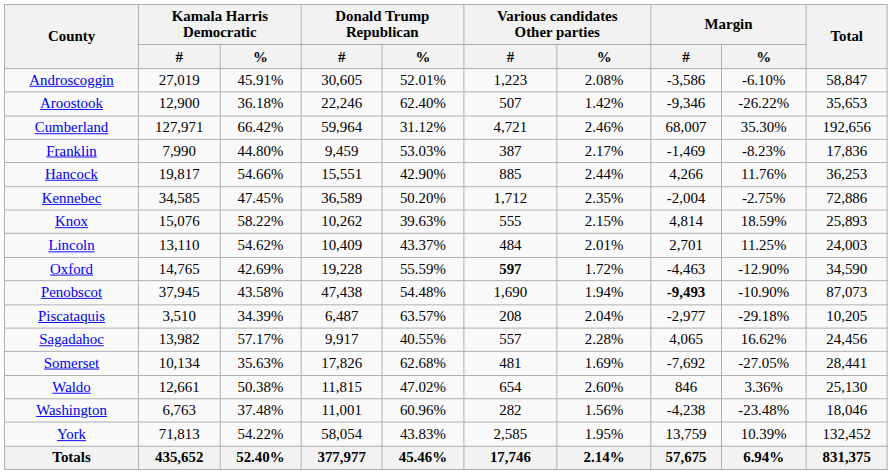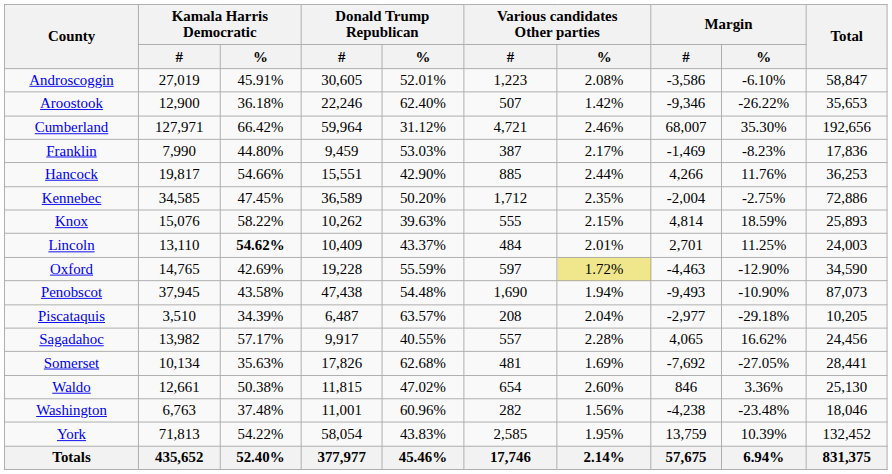 <table width="60%"  class="wikitable sortable" style="text-align:center">
 <tr>
 <th style="text-align:center;" rowspan="2">County</th>
 <th style="text-align:center;" colspan="2">Kamala Harris<br>Democratic</th>
 <th style="text-align:center;" colspan="2">Donald Trump<br>Republican</th>
 <th style="text-align:center;" colspan="2">Various candidates<br>Other parties</th>
 <th style="text-align:center;" colspan="2">Margin</th>
 <th style="text-align:center;" rowspan="2">Total</th>
 </tr>
 <tr>
 <th style="text-align:center;" data-sort-type="number">#</th>
 <th style="text-align:center;" data-sort-type="number">%</th>
 <th style="text-align:center;" data-sort-type="number">#</th>
 <th style="text-align:center;" data-sort-type="number">%</th>
 <th style="text-align:center;" data-sort-type="number">#</th>
 <th style="text-align:center;" data-sort-type="number">%</th>
 <th style="text-align:center;" data-sort-type="number">#</th>
 <th style="text-align:center;" data-sort-type="number">%</th>
 </tr>
 <tr style="text-align:center;">
 <td><a href='#'>Androscoggin</a></td>
 <td>27,019</td>
 <td>45.91%</td>
 <td>30,605</td>
 <td>52.01%</td>
 <td>1,223</td>
 <td>2.08%</td>
 <td>-3,586</td>
 <td>-6.10%</td>
 <td>58,847</td>
 </tr>
 <tr style="text-align:center;">
 <td><a href='#'>Aroostook</a></td>
 <td>12,900</td>
 <td>36.18%</td>
 <td>22,246</td>
 <td>62.40%</td>
 <td>507</td>
 <td>1.42%</td>
 <td>-9,346</td>
 <td>-26.22%</td>
 <td>35,653</td>
 </tr>
 <tr style="text-align:center;">
 <td><a href='#'>Cumberland</a></td>
 <td>127,971</td>
 <td>66.42%</td>
 <td>59,964</td>
 <td>31.12%</td>
 <td>4,721</td>
 <td>2.46%</td>
 <td>68,007</td>
 <td>35.30%</td>
 <td>192,656</td>
 </tr>
 <tr style="text-align:center;">
 <td><a href='#'>Franklin</a></td>
 <td>7,990</td>
 <td>44.80%</td>
 <td>9,459</td>
 <td>53.03%</td>
 <td>387</td>
 <td>2.17%</td>
 <td>-1,469</td>
 <td>-8.23%</td>
 <td>17,836</td>
 </tr>
 <tr style="text-align:center;">
 <td><a href='#'>Hancock</a></td>
 <td>19,817</td>
 <td>54.66%</td>
 <td>15,551</td>
 <td>42.90%</td>
 <td>885</td>
 <td>2.44%</td>
 <td>4,266</td>
 <td>11.76%</td>
 <td>36,253</td>
 </tr>
 <tr style="text-align:center;">
 <td><a href='#'>Kennebec</a></td>
 <td>34,585</td>
 <td>47.45%</td>
 <td>36,589</td>
 <td>50.20%</td>
 <td>1,712</td>
 <td>2.35%</td>
 <td>-2,004</td>
 <td>-2.75%</td>
 <td>72,886</td>
 </tr>
 <tr style="text-align:center;">
 <td><a href='#'>Knox</a></td>
 <td>15,076</td>
 <td>58.22%</td>
 <td>10,262</td>
 <td>39.63%</td>
 <td>555</td>
 <td>2.15%</td>
 <td>4,814</td>
 <td>18.59%</td>
 <td>25,893</td>
 </tr>
 <tr style="text-align:center;">
 <td><a href='#'>Lincoln</a></td>
 <td>13,110</td>
-<td>54.62%</td>
+<td><strong>54.62%</strong></td>
 <td>10,409</td>
 <td>43.37%</td>
 <td>484</td>
 <td>2.01%</td>
 <td>2,701</td>
 <td>11.25%</td>
 <td>24,003</td>
 </tr>
 <tr style="text-align:center;">
 <td><a href='#'>Oxford</a></td>
 <td>14,765</td>
 <td>42.69%</td>
 <td>19,228</td>
 <td>55.59%</td>
-<td><strong>597</strong></td>
-<td>1.72%</td>
+<td>597</td>
+<td style="background: khaki;">1.72%</td>
 <td>-4,463</td>
 <td>-12.90%</td>
 <td>34,590</td>
 </tr>
 <tr style="text-align:center;">
 <td><a href='#'>Penobscot</a></td>
 <td>37,945</td>
 <td>43.58%</td>
 <td>47,438</td>
 <td>54.48%</td>
 <td>1,690</td>
 <td>1.94%</td>
-<td><strong>-9,493</strong></td>
+<td>-9,493</td>
 <td>-10.90%</td>
 <td>87,073</td>
 </tr>
 <tr style="text-align:center;">
 <td><a href='#'>Piscataquis</a></td>
 <td>3,510</td>
 <td>34.39%</td>
 <td>6,487</td>
 <td>63.57%</td>
 <td>208</td>
 <td>2.04%</td>
 <td>-2,977</td>
 <td>-29.18%</td>
 <td>10,205</td>
 </tr>
 <tr style="text-align:center;">
 <td><a href='#'>Sagadahoc</a></td>
 <td>13,982</td>
 <td>57.17%</td>
 <td>9,917</td>
 <td>40.55%</td>
 <td>557</td>
 <td>2.28%</td>
 <td>4,065</td>
 <td>16.62%</td>
 <td>24,456</td>
 </tr>
 <tr style="text-align:center;">
 <td><a href='#'>Somerset</a></td>
 <td>10,134</td>
 <td>35.63%</td>
 <td>17,826</td>
 <td>62.68%</td>
 <td>481</td>
 <td>1.69%</td>
 <td>-7,692</td>
 <td>-27.05%</td>
 <td>28,441</td>
 </tr>
 <tr style="text-align:center;">
 <td><a href='#'>Waldo</a></td>
 <td>12,661</td>
 <td>50.38%</td>
 <td>11,815</td>
 <td>47.02%</td>
 <td>654</td>
 <td>2.60%</td>
 <td>846</td>
 <td>3.36%</td>
 <td>25,130</td>
 </tr>
 <tr style="text-align:center;">
 <td><a href='#'>Washington</a></td>
 <td>6,763</td>
 <td>37.48%</td>
 <td>11,001</td>
 <td>60.96%</td>
 <td>282</td>
 <td>1.56%</td>
 <td>-4,238</td>
 <td>-23.48%</td>
 <td>18,046</td>
 </tr>
 <tr style="text-align:center;">
 <td><a href='#'>York</a></td>
 <td>71,813</td>
 <td>54.22%</td>
 <td>58,054</td>
 <td>43.83%</td>
 <td>2,585</td>
 <td>1.95%</td>
 <td>13,759</td>
 <td>10.39%</td>
 <td>132,452</td>
 </tr>
 <tr>
 <th>Totals</th>
 <th>435,652</th>
 <th>52.40%</th>
 <th>377,977</th>
 <th>45.46%</th>
 <th>17,746</th>
 <th>2.14%</th>
 <th>57,675</th>
 <th>6.94%</th>
 <th>831,375</th>
 </tr>
 </table>
